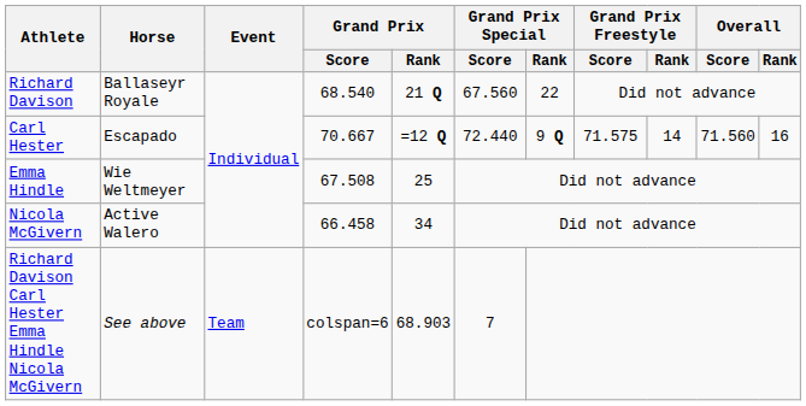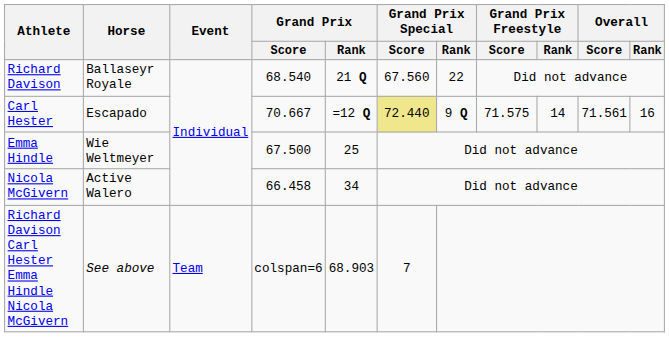 <table class=wikitable style="font-size:90%">
 <tr>
 <th rowspan="2">Athlete</th>
 <th rowspan="2">Horse</th>
 <th rowspan="2">Event</th>
 <th colspan="2">Grand Prix</th>
 <th colspan="2">Grand Prix Special</th>
 <th colspan="2">Grand Prix Freestyle</th>
 <th colspan="2">Overall</th>
 </tr>
 <tr style="font-size:95%">
 <th>Score</th>
 <th>Rank</th>
 <th>Score</th>
 <th>Rank</th>
 <th>Score</th>
 <th>Rank</th>
 <th>Score</th>
 <th>Rank</th>
 </tr>
 <tr align=center>
 <td align=left><a href='#'>Richard Davison</a></td>
 <td align=left>Ballaseyr Royale</td>
 <td align=left rowspan=4><a href='#'>Individual</a></td>
 <td>68.540</td>
 <td>21 <strong>Q</strong></td>
 <td>67.560</td>
 <td>22</td>
 <td colspan=4>Did not advance</td>
 </tr>
 <tr align=center>
 <td align=left><a href='#'>Carl Hester</a></td>
 <td align=left>Escapado</td>
 <td>70.667</td>
 <td>=12 <strong>Q</strong></td>
-<td>72.440</td>
+<td style="background: khaki;">72.440</td>
 <td>9 <strong>Q</strong></td>
 <td>71.575</td>
 <td>14</td>
-<td>71.560</td>
+<td>71.561</td>
 <td>16</td>
 </tr>
 <tr align=center>
 <td align=left><a href='#'>Emma Hindle</a></td>
 <td align=left>Wie Weltmeyer</td>
-<td>67.508</td>
+<td>67.500</td>
 <td>25</td>
 <td colspan=6>Did not advance</td>
 </tr>
 <tr align=center>
 <td align=left><a href='#'>Nicola McGivern</a></td>
 <td align=left>Active Walero</td>
 <td>66.458</td>
 <td>34</td>
 <td colspan=6>Did not advance</td>
 </tr>
 <tr align=center>
 <td align=left><a href='#'>Richard Davison</a><br><a href='#'>Carl Hester</a><br><a href='#'>Emma Hindle</a><br><a href='#'>Nicola McGivern</a></td>
 <td align=left><em>See above</em></td>
 <td align=left><a href='#'>Team</a></td>
 <td>colspan=6 </td>
 <td>68.903</td>
 <td>7</td>
 </tr>
 </table>
